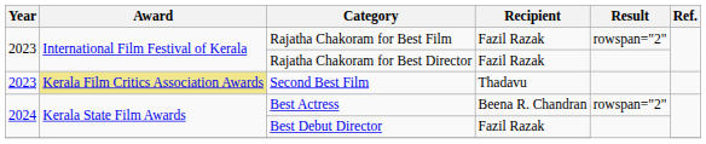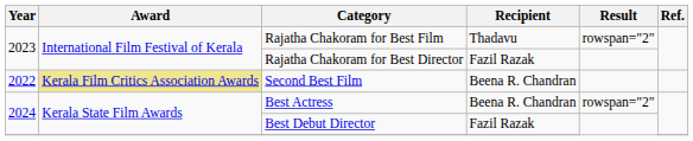 <table class="wikitable">
 <tr>
 <th>Year</th>
 <th>Award</th>
 <th>Category</th>
 <th>Recipient</th>
 <th>Result</th>
 <th>Ref.</th>
 </tr>
 <tr>
 <td rowspan="2">2023</td>
 <td rowspan="2"><a href='#'>International Film Festival of Kerala</a></td>
 <td>Rajatha Chakoram for Best Film</td>
-<td>Fazil Razak</td>
+<td>Thadavu</td>
 <td>rowspan="2" </td>
 <td align="center" rowspan="2"></td>
 </tr>
 <tr>
 <td>Rajatha Chakoram for Best Director</td>
 <td>Fazil Razak</td>
 </tr>
 <tr>
-<td><a href='#'>2023</a></td>
+<td><a href='#'>2022</a></td>
 <td style="background: khaki;"><a href='#'>Kerala Film Critics Association Awards</a></td>
 <td><a href='#'>Second Best Film</a></td>
-<td>Thadavu</td>
+<td>Beena R. Chandran</td>
 <td></td>
 <td align="center"></td>
 </tr>
 <tr>
 <td rowspan="2"><a href='#'>2024</a></td>
 <td rowspan="2"><a href='#'>Kerala State Film Awards</a></td>
 <td><a href='#'>Best Actress</a></td>
 <td>Beena R. Chandran</td>
 <td>rowspan="2" </td>
 <td align="center" rowspan="2"></td>
 </tr>
 <tr>
 <td><a href='#'>Best Debut Director</a></td>
 <td>Fazil Razak</td>
 </tr>
 <tr>
 </tr>
 </table>
